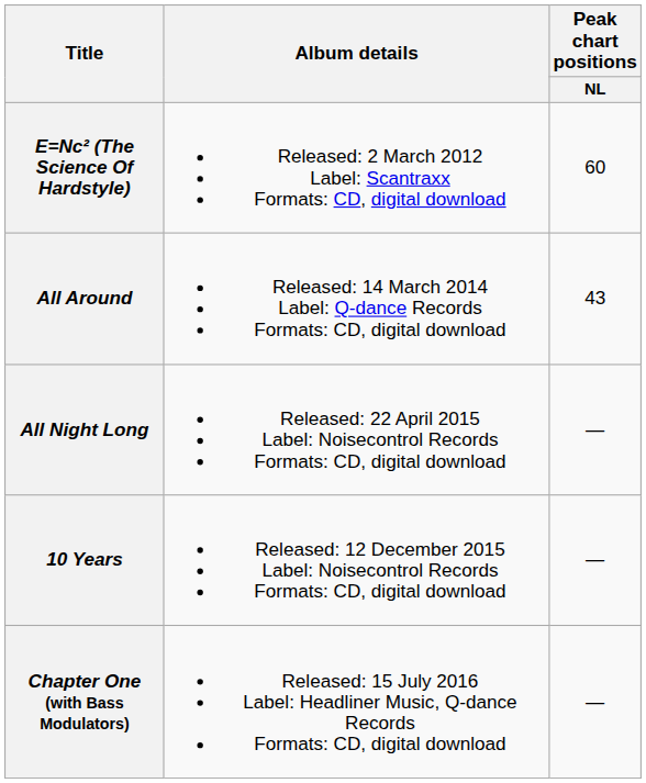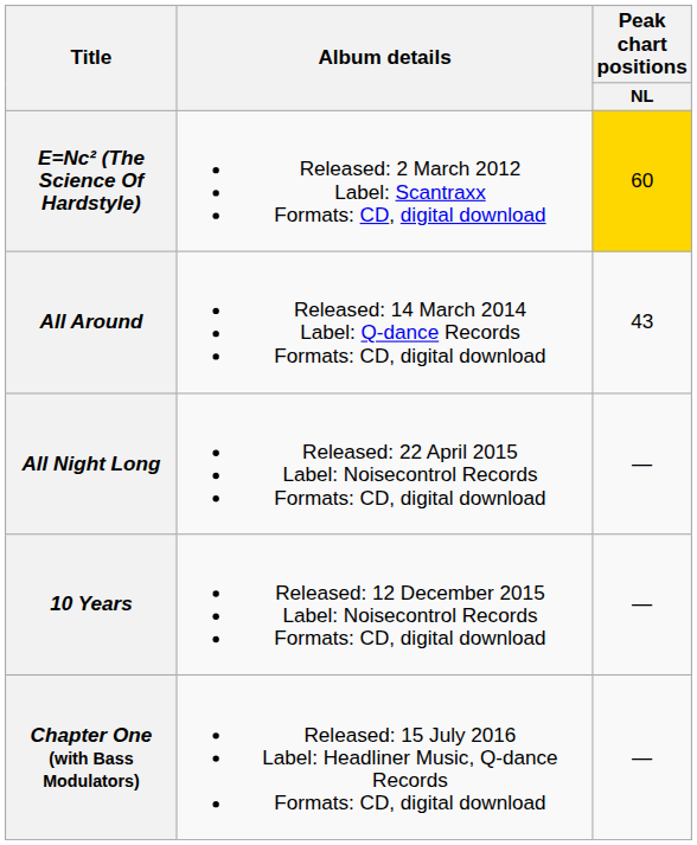 <table class="wikitable plainrowheaders" style="text-align: center;">
 <tr>
 <th rowspan="2" scope="col" style="width: 8em;">Title</th>
 <th rowspan="2" scope="col" style="width: 20em;">Album details</th>
 <th>Peak chart positions</th>
 </tr>
 <tr>
 <th scope="col" style="width:3em;font-size:85%;">NL<br></th>
 </tr>
 <tr>
 <th scope="row"><em>E=Nc² (The Science Of Hardstyle)</em></th>
 <td><br><ul><li>Released: 2 March 2012</li><li>Label: <a href='#'>Scantraxx</a></li><li>Formats: <a href='#'>CD</a>, <a href='#'>digital download</a></li></ul></td>
-<td>60</td>
+<td style="background: gold;">60</td>
 </tr>
 <tr>
 <th scope="row"><em>All Around</em></th>
 <td><br><ul><li>Released: 14 March 2014</li><li>Label: <a href='#'>Q-dance</a> Records</li><li>Formats: CD, digital download</li></ul></td>
 <td>43</td>
 </tr>
 <tr>
 <th scope="row"><em>All Night Long</em></th>
 <td><br><ul><li>Released: 22 April 2015</li><li>Label: Noisecontrol Records</li><li>Formats: CD, digital download</li></ul></td>
 <td>—</td>
 </tr>
 <tr>
 <th scope="row"><em>10 Years</em></th>
 <td><br><ul><li>Released: 12 December 2015</li><li>Label: Noisecontrol Records</li><li>Formats: CD, digital download</li></ul></td>
 <td>—</td>
 </tr>
 <tr>
 <th scope="row"><em>Chapter One</em><br><small>(with Bass Modulators)</small></th>
 <td><br><ul><li>Released: 15 July 2016</li><li>Label: Headliner Music, Q-dance Records</li><li>Formats: CD, digital download</li></ul></td>
 <td>—</td>
 </tr>
 </table>
